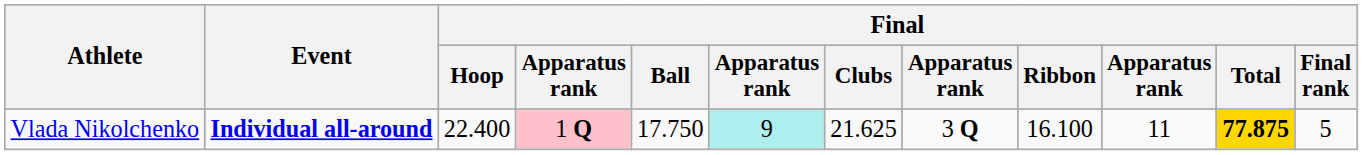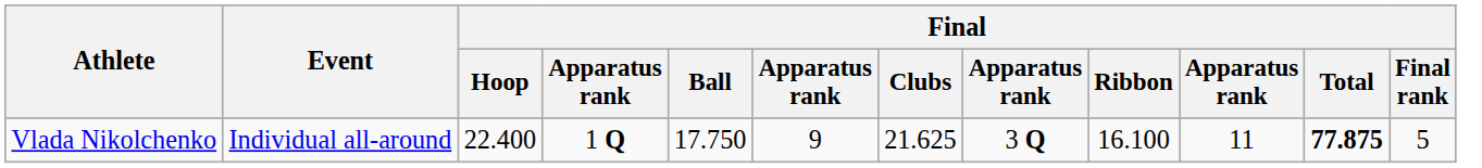 <table class=wikitable style="font-size:90%">
 <tr>
 <th rowspan=2>Athlete</th>
 <th rowspan=2>Event</th>
 <th colspan=10>Final</th>
 </tr>
 <tr style="font-size:95%">
 <th>Hoop</th>
 <th>Apparatus<br>rank</th>
 <th>Ball</th>
 <th>Apparatus<br>rank</th>
 <th>Clubs</th>
 <th>Apparatus<br>rank</th>
 <th>Ribbon</th>
 <th>Apparatus<br>rank</th>
 <th>Total</th>
 <th>Final<br>rank</th>
 </tr>
 <tr align=center>
 <td align=left><a href='#'>Vlada Nikolchenko</a></td>
-<td align=left><strong><a href='#'>Individual all-around</a></strong></td>
+<td align=left><a href='#'>Individual all-around</a></td>
 <td>22.400</td>
-<td style="background: pink;">1 <strong>Q</strong></td>
+<td>1 <strong>Q</strong></td>
 <td>17.750</td>
-<td style="background: paleturquoise;">9</td>
+<td>9</td>
 <td>21.625</td>
 <td>3 <strong>Q</strong></td>
 <td>16.100</td>
 <td>11</td>
-<td style="background: gold;"><strong>77.875</strong></td>
+<td><strong>77.875</strong></td>
 <td>5</td>
 </tr>
 </table>
